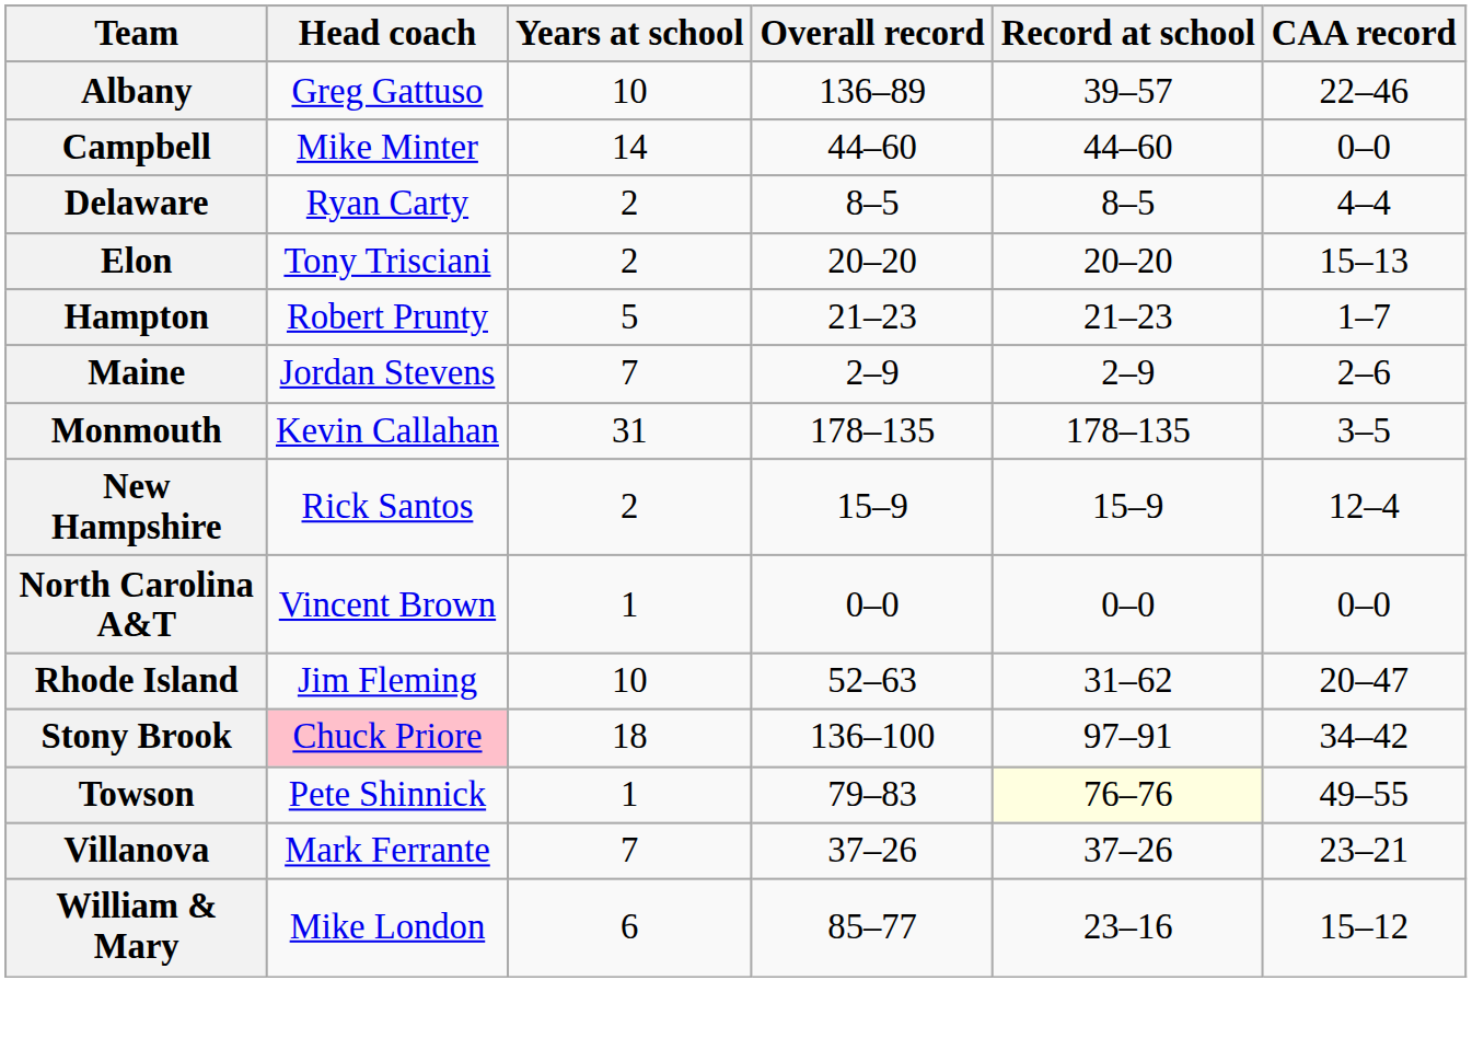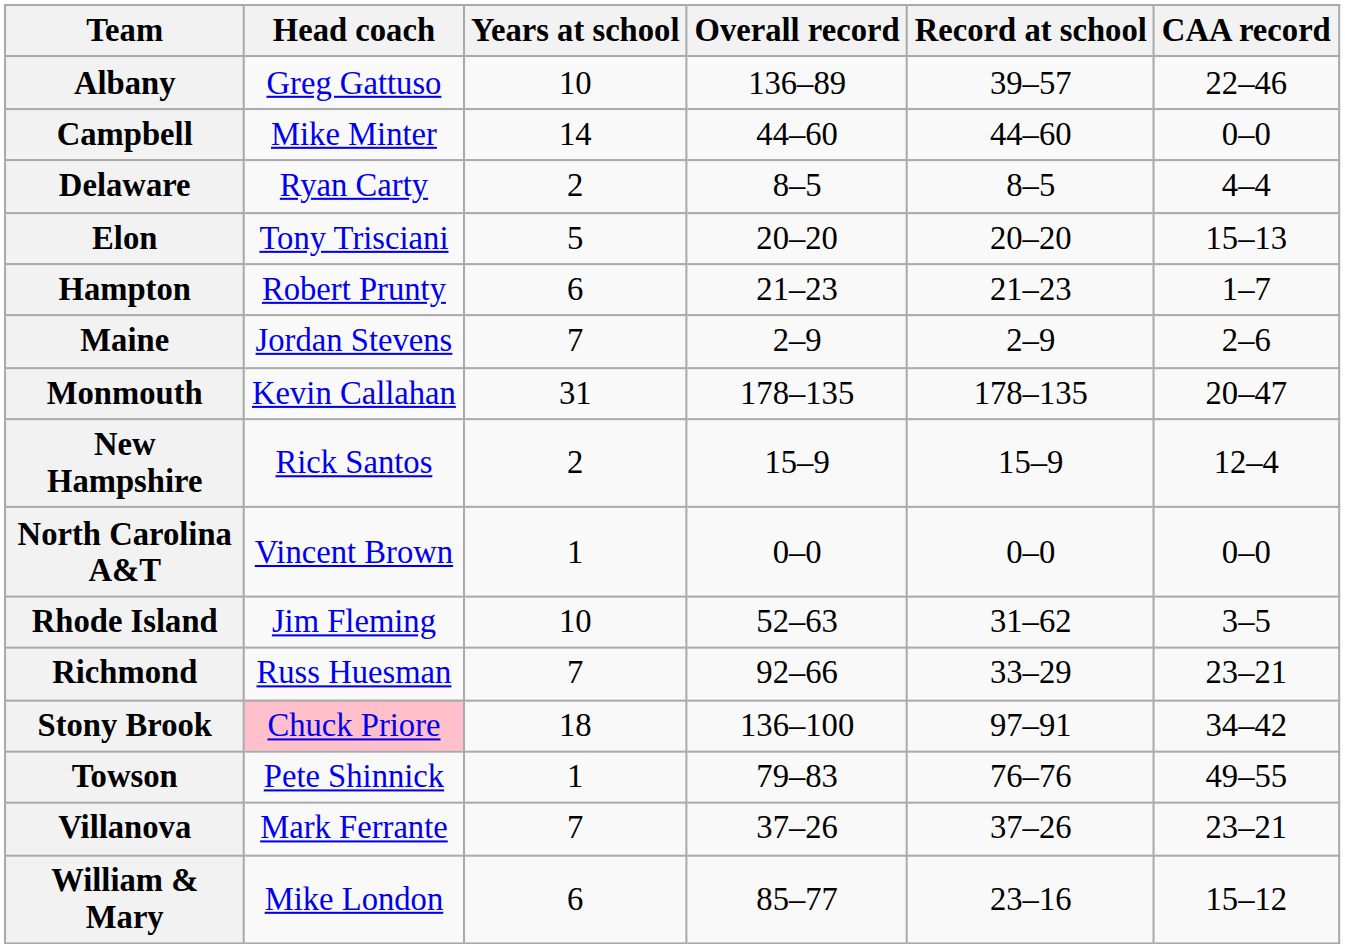 <table class="wikitable sortable" style="text-align: center;">
 <tr>
 <th style="width:110px;">Team</th>
 <th>Head coach</th>
 <th>Years at school</th>
 <th>Overall record</th>
 <th>Record at school</th>
 <th>CAA record</th>
 </tr>
 <tr>
 <th>Albany</th>
 <td><a href='#'>Greg Gattuso</a></td>
 <td>10</td>
 <td>136–89</td>
 <td>39–57</td>
 <td>22–46</td>
 </tr>
 <tr>
 <th>Campbell</th>
 <td><a href='#'>Mike Minter</a></td>
 <td>14</td>
 <td>44–60</td>
 <td>44–60</td>
 <td>0–0</td>
 </tr>
 <tr>
 <th>Delaware</th>
 <td><a href='#'>Ryan Carty</a></td>
 <td>2</td>
 <td>8–5</td>
 <td>8–5</td>
 <td>4–4</td>
 </tr>
 <tr>
 <th>Elon</th>
 <td><a href='#'>Tony Trisciani</a></td>
-<td>2</td>
+<td>5</td>
 <td>20–20</td>
 <td>20–20</td>
 <td>15–13</td>
 </tr>
 <tr>
 <th>Hampton</th>
 <td><a href='#'>Robert Prunty</a></td>
-<td>5</td>
+<td>6</td>
 <td>21–23</td>
 <td>21–23</td>
 <td>1–7</td>
 </tr>
 <tr>
 <th>Maine</th>
 <td><a href='#'>Jordan Stevens</a></td>
 <td>7</td>
 <td>2–9</td>
 <td>2–9</td>
 <td>2–6</td>
 </tr>
 <tr>
 <th>Monmouth</th>
 <td><a href='#'>Kevin Callahan</a></td>
 <td>31</td>
 <td>178–135</td>
 <td>178–135</td>
-<td>3–5</td>
+<td>20–47</td>
 </tr>
 <tr>
 <th>New Hampshire</th>
 <td><a href='#'>Rick Santos</a></td>
 <td>2</td>
 <td>15–9</td>
 <td>15–9</td>
 <td>12–4</td>
 </tr>
 <tr>
 <th>North Carolina A&T</th>
 <td><a href='#'>Vincent Brown</a></td>
 <td>1</td>
 <td>0–0</td>
 <td>0–0</td>
 <td>0–0</td>
 </tr>
 <tr>
 <th>Rhode Island</th>
 <td><a href='#'>Jim Fleming</a></td>
 <td>10</td>
 <td>52–63</td>
 <td>31–62</td>
-<td>20–47</td>
+<td>3–5</td>
+</tr>
+<tr>
+<th>Richmond</th>
+<td><a href='#'>Russ Huesman</a></td>
+<td>7</td>
+<td>92–66</td>
+<td>33–29</td>
+<td>23–21</td>
 </tr>
 <tr>
 <th>Stony Brook</th>
 <td style="background: pink;"><a href='#'>Chuck Priore</a></td>
 <td>18</td>
 <td>136–100</td>
 <td>97–91</td>
 <td>34–42</td>
 </tr>
 <tr>
 <th>Towson</th>
 <td><a href='#'>Pete Shinnick</a></td>
 <td>1</td>
 <td>79–83</td>
-<td style="background: lightyellow;">76–76</td>
+<td>76–76</td>
 <td>49–55</td>
 </tr>
 <tr>
 <th>Villanova</th>
 <td><a href='#'>Mark Ferrante</a></td>
 <td>7</td>
 <td>37–26</td>
 <td>37–26</td>
 <td>23–21</td>
 </tr>
 <tr>
 <th>William & Mary</th>
 <td><a href='#'>Mike London</a></td>
 <td>6</td>
 <td>85–77</td>
 <td>23–16</td>
 <td>15–12</td>
 </tr>
 </table>
